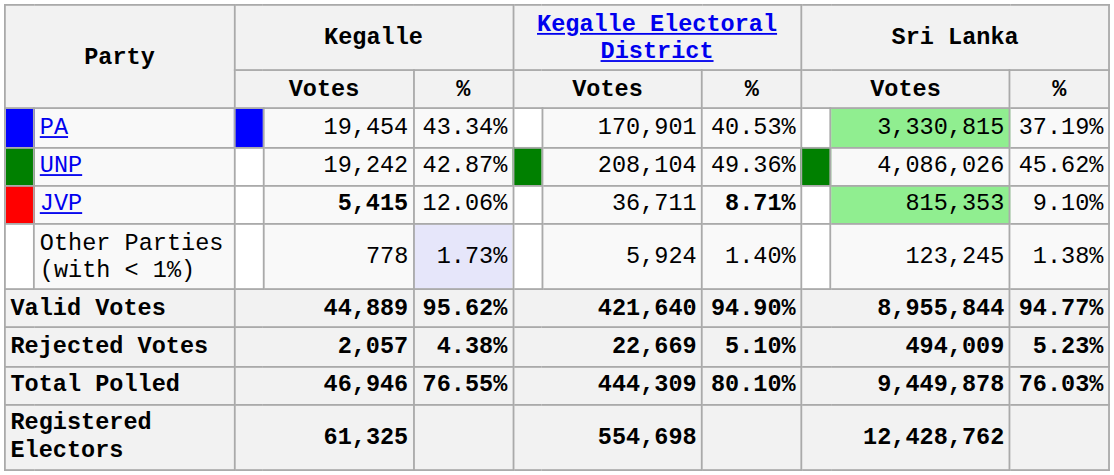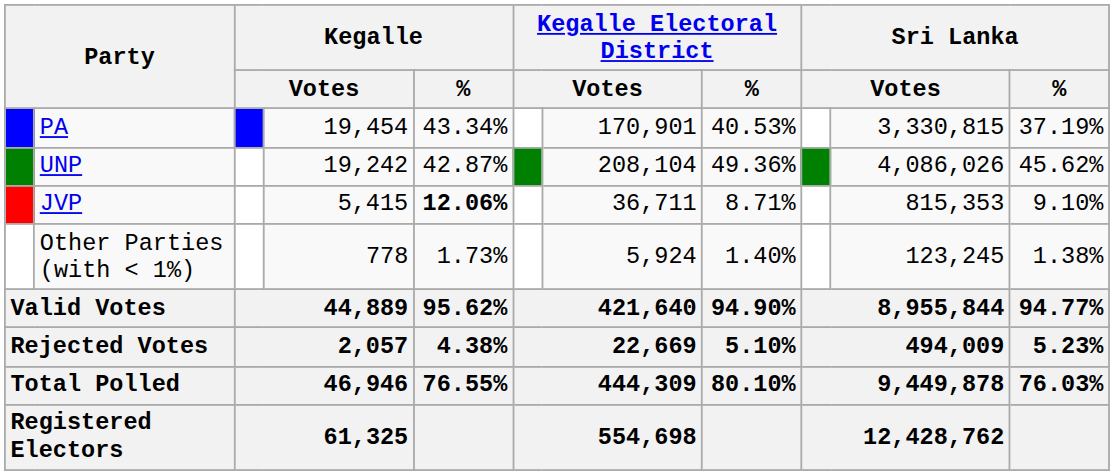 <table class="wikitable">
 <tr>
 <th colspan="2" width="144px"rowspan="2">Party</th>
 <th colspan="3" width="216px">Kegalle</th>
 <th colspan="3" width="216px"><a href='#'>Kegalle Electoral District</a></th>
 <th colspan="3" width="216px">Sri Lanka</th>
 </tr>
 <tr>
 <th colspan="2" width="144px">Votes</th>
 <th>%</th>
 <th colspan="2" width="144px">Votes</th>
 <th>%</th>
 <th colspan="2" width="144px">Votes</th>
 <th>%</th>
 </tr>
 <tr>
 <td style="background-color:blue;" width="10px"></td>
 <td style="text-align:left;"><a href='#'>PA</a></td>
 <td style="background-color:blue;" width="10px"></td>
 <td style="text-align:right;">19,454</td>
 <td style="text-align:right;">43.34%</td>
 <td style="background-color:white;" width="10px"></td>
 <td style="text-align:right;">170,901</td>
 <td style="text-align:right;">40.53%</td>
 <td style="background-color:white;" width="10px"></td>
-<td style="background: lightgreen; text-align:right;">3,330,815</td>
+<td style="text-align:right;">3,330,815</td>
 <td style="text-align:right;">37.19%</td>
 </tr>
 <tr>
 <td style="background-color:green;" width="10px"></td>
 <td style="text-align:left;"><a href='#'>UNP</a></td>
 <td style="background-color:white;" width="10px"></td>
 <td style="text-align:right;">19,242</td>
 <td style="text-align:right;">42.87%</td>
 <td style="background-color:green;" width="10px"></td>
 <td style="text-align:right;">208,104</td>
 <td style="text-align:right;">49.36%</td>
 <td style="background-color:green;" width="10px"></td>
 <td style="text-align:right;">4,086,026</td>
 <td style="text-align:right;">45.62%</td>
 </tr>
 <tr>
 <td style="background-color:red;" width="10px"></td>
 <td style="text-align:left;"><a href='#'>JVP</a></td>
 <td style="background-color:white;" width="10px"></td>
-<td style="text-align:right;"><strong>5,415</strong></td>
-<td style="text-align:right;">12.06%</td>
+<td style="text-align:right;">5,415</td>
+<td style="text-align:right;"><strong>12.06%</strong></td>
 <td style="background-color:white;" width="10px"></td>
 <td style="text-align:right;">36,711</td>
-<td style="text-align:right;"><strong>8.71%</strong></td>
+<td style="text-align:right;">8.71%</td>
 <td style="background-color:white;" width="10px"></td>
-<td style="background: lightgreen; text-align:right;">815,353</td>
+<td style="text-align:right;">815,353</td>
 <td style="text-align:right;">9.10%</td>
 </tr>
 <tr>
 <td style="background-color:white;" width="10px"></td>
 <td style="text-align:left;">Other Parties (with < 1%)</td>
 <td style="background-color:white;" width="10px"></td>
 <td style="text-align:right;">778</td>
-<td style="background: lavender; text-align:right;">1.73%</td>
+<td style="text-align:right;">1.73%</td>
 <td style="background-color:white;" width="10px"></td>
 <td style="text-align:right;">5,924</td>
 <td style="text-align:right;">1.40%</td>
 <td style="background-color:white;" width="10px"></td>
 <td style="text-align:right;">123,245</td>
 <td style="text-align:right;">1.38%</td>
 </tr>
 <tr>
 <th colspan="2" width="144px"style="text-align:left;">Valid Votes</th>
 <th style="text-align:right;"colspan="2" width="144px">44,889</th>
 <th style="text-align:right;">95.62%</th>
 <th style="text-align:right;"colspan="2" width="144px">421,640</th>
 <th style="text-align:right;">94.90%</th>
 <th style="text-align:right;"colspan="2" width="144px">8,955,844</th>
 <th style="text-align:right;">94.77%</th>
 </tr>
 <tr>
 <th colspan="2" width="144px"style="text-align:left;">Rejected Votes</th>
 <th style="text-align:right;"colspan="2" width="144px">2,057</th>
 <th style="text-align:right;">4.38%</th>
 <th style="text-align:right;"colspan="2" width="144px">22,669</th>
 <th style="text-align:right;">5.10%</th>
 <th style="text-align:right;"colspan="2" width="144px">494,009</th>
 <th style="text-align:right;">5.23%</th>
 </tr>
 <tr>
 <th colspan="2" width="144px"style="text-align:left;">Total Polled</th>
 <th style="text-align:right;"colspan="2" width="144px">46,946</th>
 <th style="text-align:right;">76.55%</th>
 <th style="text-align:right;"colspan="2" width="144px">444,309</th>
 <th style="text-align:right;">80.10%</th>
 <th style="text-align:right;"colspan="2" width="144px">9,449,878</th>
 <th style="text-align:right;">76.03%</th>
 </tr>
 <tr>
 <th colspan="2" width="144px"style="text-align:left;">Registered Electors</th>
 <th style="text-align:right;"colspan="2" width="144px">61,325</th>
 <th></th>
 <th style="text-align:right;"colspan="2" width="144px">554,698</th>
 <th></th>
 <th style="text-align:right;"colspan="2" width="144px">12,428,762</th>
 <th></th>
 </tr>
 </table>
